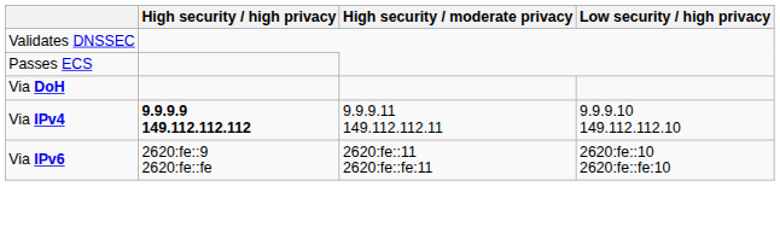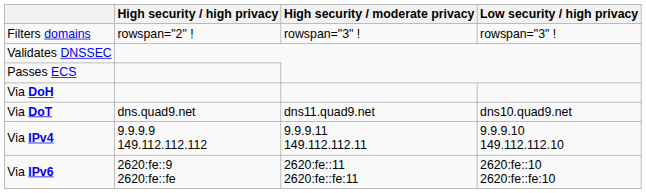 <table class="wikitable">
 <tr>
 <th></th>
 <th>High security / high privacy</th>
 <th>High security / moderate privacy</th>
 <th>Low security / high privacy</th>
+</tr>
+<tr>
+<td>Filters <a href='#'>domains</a></td>
+<td>rowspan="2" ! </td>
+<td>rowspan="3" ! </td>
+<td>rowspan="3" ! </td>
 </tr>
 <tr>
 <td>Validates <a href='#'>DNSSEC</a></td>
 </tr>
 <tr>
 <td>Passes <a href='#'>ECS</a></td>
 <td></td>
 </tr>
 <tr>
 <td>Via <strong><a href='#'>DoH</a></strong></td>
 <td></td>
 <td></td>
 <td></td>
 </tr>
 <tr>
+<td>Via <strong><a href='#'>DoT</a></strong></td>
+<td>dns.quad9.net</td>
+<td>dns11.quad9.net</td>
+<td>dns10.quad9.net</td>
+</tr>
+<tr>
 <td>Via <strong><a href='#'>IPv4</a></strong></td>
-<td><strong>9.9.9.9<br>149.112.112.112</strong></td>
+<td>9.9.9.9<br>149.112.112.112</td>
 <td>9.9.9.11<br>149.112.112.11</td>
 <td>9.9.9.10<br>149.112.112.10</td>
 </tr>
 <tr>
 <td>Via <strong><a href='#'>IPv6</a></strong></td>
 <td>2620:fe::9<br>2620:fe::fe</td>
 <td>2620:fe::11<br>2620:fe::fe:11</td>
 <td>2620:fe::10<br>2620:fe::fe:10</td>
 </tr>
 </table>
